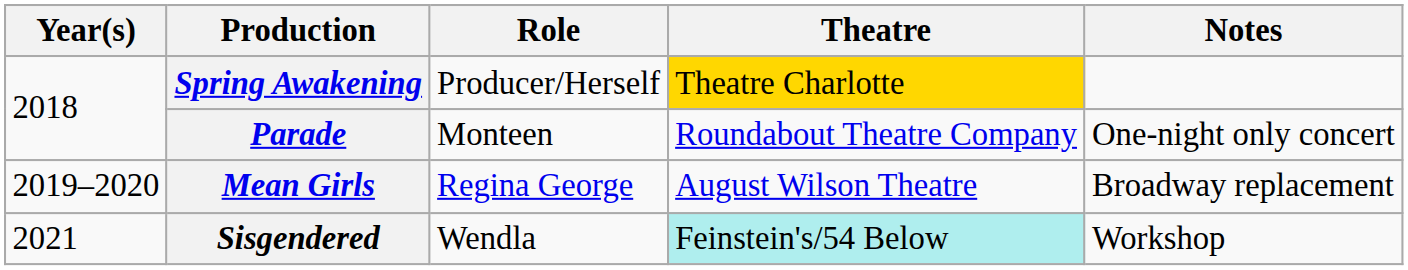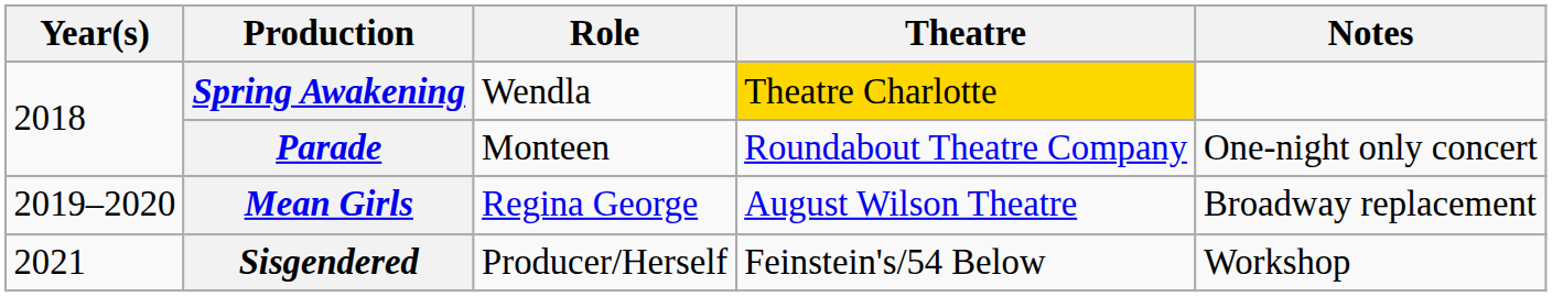 <table class="wikitable sortable plainrowheaders">
 <tr>
 <th scope="col">Year(s)</th>
 <th scope="col">Production</th>
 <th scope="col">Role</th>
 <th scope="col">Theatre</th>
 <th scope="col">Notes</th>
 </tr>
 <tr>
 <td rowspan=2>2018</td>
 <th scope="row"><em><a href='#'>Spring Awakening</a></em></th>
-<td>Producer/Herself</td>
+<td>Wendla</td>
 <td style="background: gold;">Theatre Charlotte</td>
 <td></td>
 </tr>
 <tr>
 <th scope="row"><em><a href='#'>Parade</a></em></th>
 <td>Monteen</td>
 <td><a href='#'>Roundabout Theatre Company</a></td>
 <td>One-night only concert</td>
 </tr>
 <tr>
 <td>2019–2020</td>
 <th scope="row"><em><a href='#'>Mean Girls</a></em></th>
 <td><a href='#'>Regina George</a></td>
 <td><a href='#'>August Wilson Theatre</a></td>
 <td>Broadway replacement</td>
 </tr>
 <tr>
 <td>2021</td>
 <th scope="row"><em>Sisgendered</em></th>
-<td>Wendla</td>
-<td style="background: paleturquoise;">Feinstein's/54 Below</td>
+<td>Producer/Herself</td>
+<td>Feinstein's/54 Below</td>
 <td>Workshop</td>
 </tr>
 </table>
